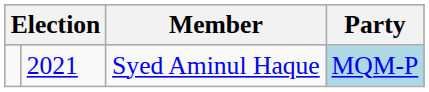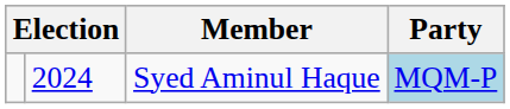 <table class="wikitable">
 <tr>
 <th colspan="2">Election</th>
 <th>Member</th>
 <th>Party</th>
 </tr>
 <tr>
 <td style="background-color: "></td>
-<td><a href='#'>2021</a></td>
+<td><a href='#'>2024</a></td>
 <td><a href='#'>Syed Aminul Haque</a></td>
 <td style="background: lightblue;"><a href='#'>MQM-P</a></td>
 </tr>
 </table>
